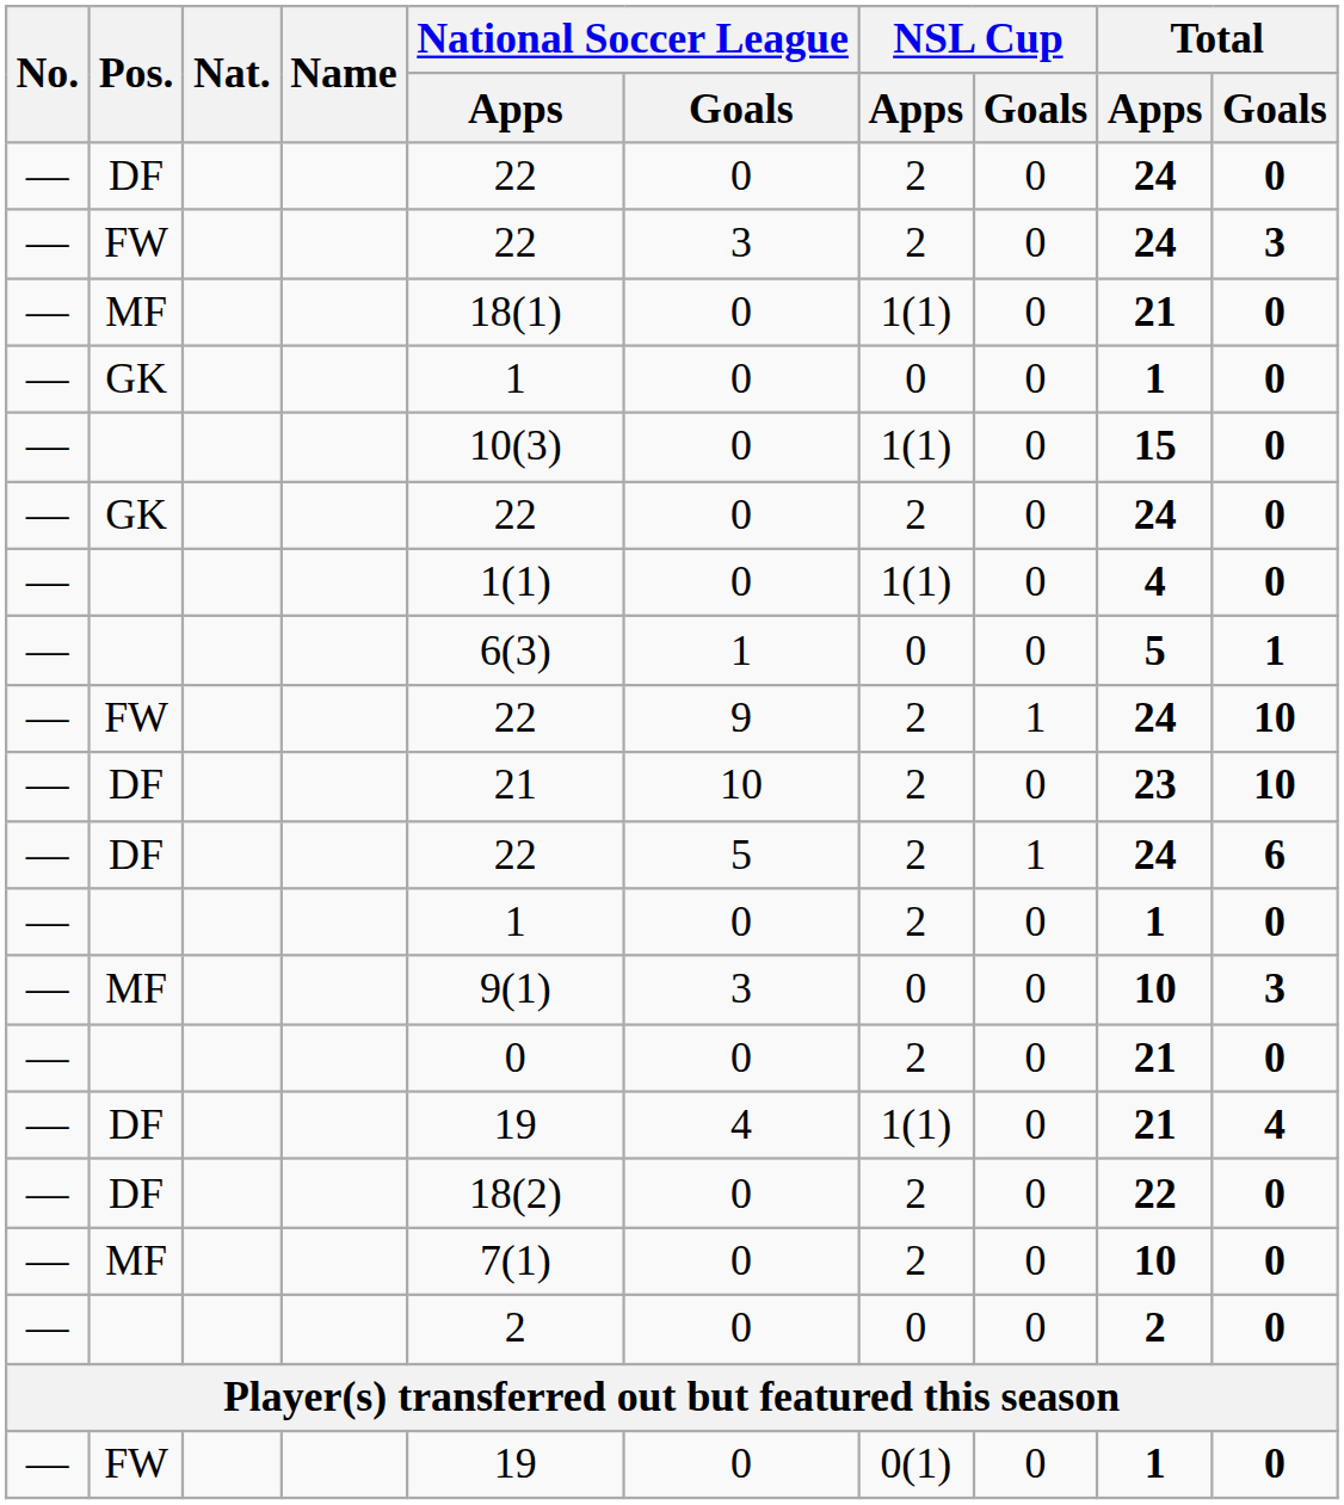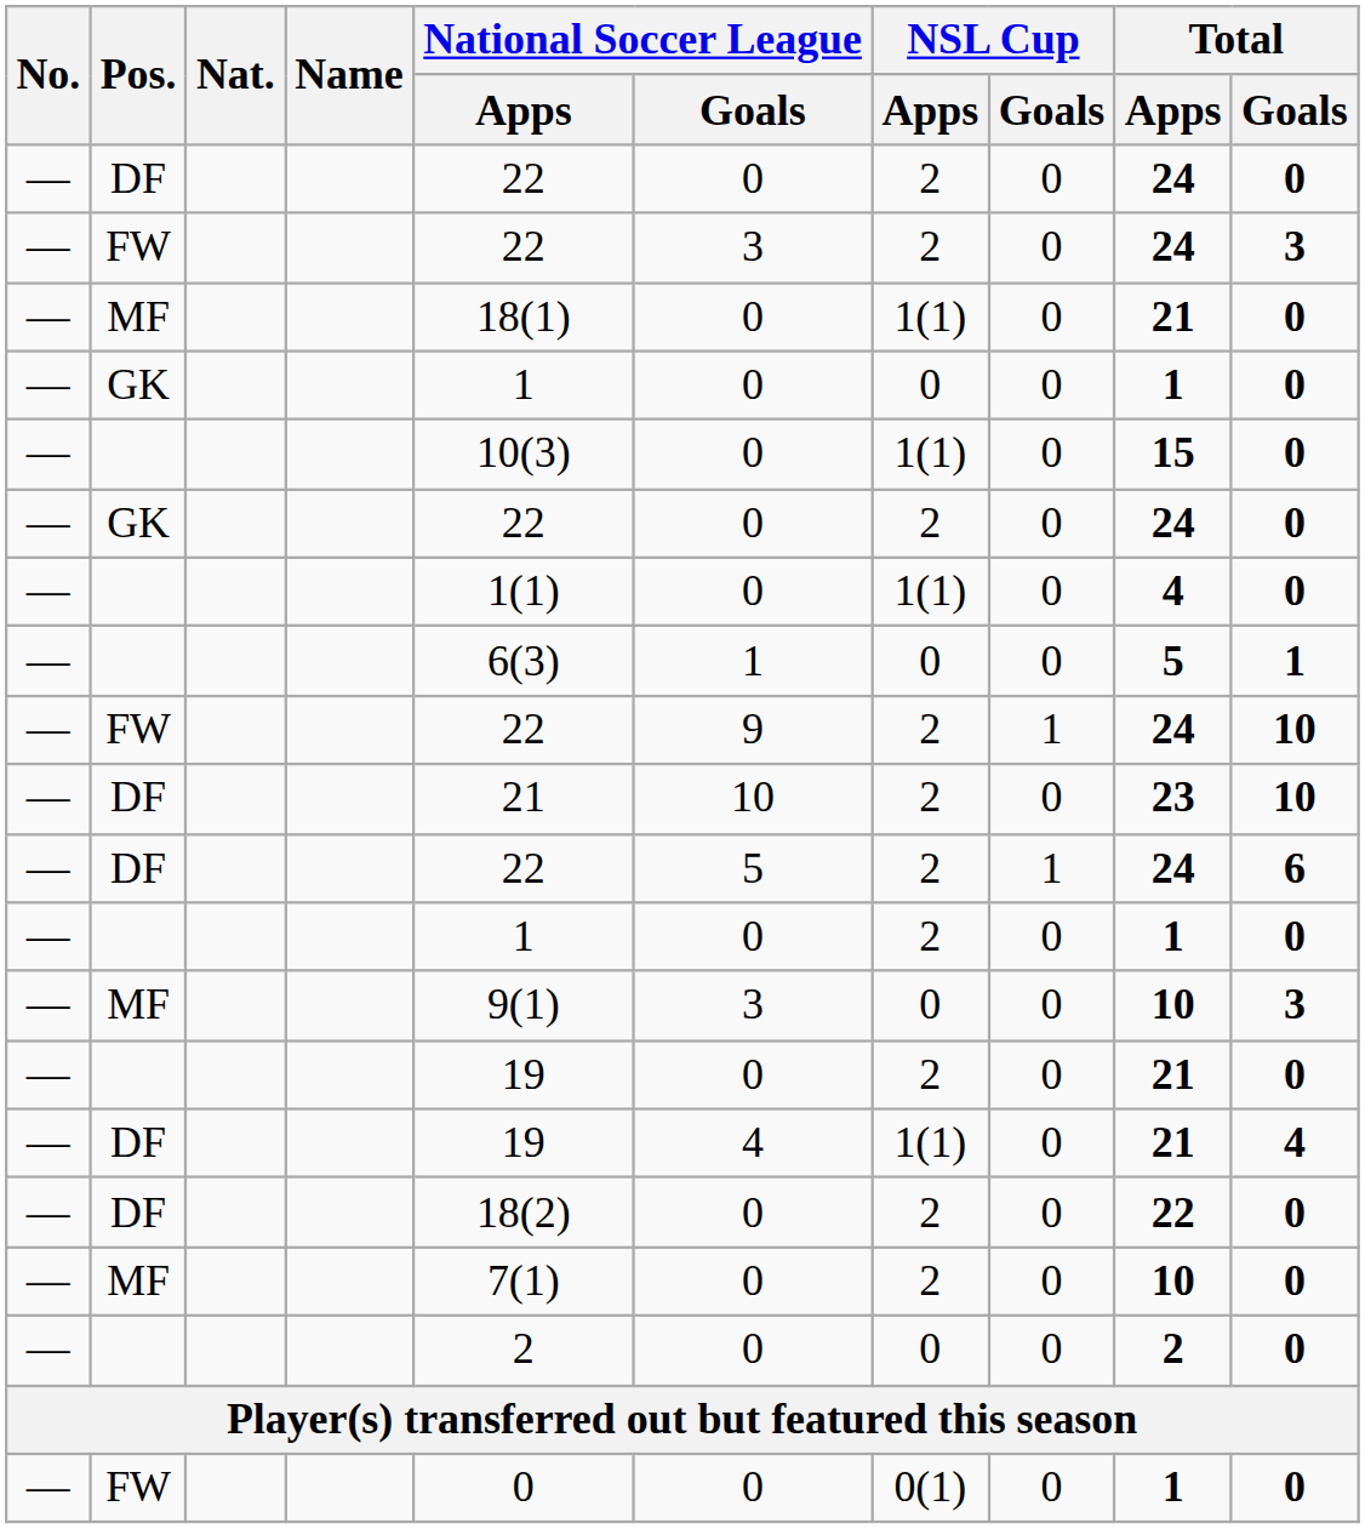 <table class="wikitable sortable" style="text-align:center">
 <tr>
 <th rowspan="2">No.</th>
 <th rowspan="2">Pos.</th>
 <th rowspan="2">Nat.</th>
 <th rowspan="2">Name</th>
 <th colspan="2"><a href='#'>National Soccer League</a></th>
 <th colspan="2"><a href='#'>NSL Cup</a></th>
 <th colspan="2">Total</th>
 </tr>
 <tr>
 <th>Apps</th>
 <th>Goals</th>
 <th>Apps</th>
 <th>Goals</th>
 <th>Apps</th>
 <th>Goals</th>
 </tr>
 <tr>
 <td>—</td>
 <td>DF</td>
 <td></td>
 <td align=left></td>
 <td>22</td>
 <td>0</td>
 <td>2</td>
 <td>0</td>
 <td><strong>24</strong></td>
 <td><strong>0</strong></td>
 </tr>
 <tr>
 <td>—</td>
 <td>FW</td>
 <td></td>
 <td align=left></td>
 <td>22</td>
 <td>3</td>
 <td>2</td>
 <td>0</td>
 <td><strong>24</strong></td>
 <td><strong>3</strong></td>
 </tr>
 <tr>
 <td>—</td>
 <td>MF</td>
 <td></td>
 <td align=left></td>
 <td>18(1)</td>
 <td>0</td>
 <td>1(1)</td>
 <td>0</td>
 <td><strong>21</strong></td>
 <td><strong>0</strong></td>
 </tr>
 <tr>
 <td>—</td>
 <td>GK</td>
 <td></td>
 <td align=left></td>
 <td>1</td>
 <td>0</td>
 <td>0</td>
 <td>0</td>
 <td><strong>1</strong></td>
 <td><strong>0</strong></td>
 </tr>
 <tr>
 <td>—</td>
 <td></td>
 <td></td>
 <td align=left></td>
 <td>10(3)</td>
 <td>0</td>
 <td>1(1)</td>
 <td>0</td>
 <td><strong>15</strong></td>
 <td><strong>0</strong></td>
 </tr>
 <tr>
 <td>—</td>
 <td>GK</td>
 <td></td>
 <td align=left></td>
 <td>22</td>
 <td>0</td>
 <td>2</td>
 <td>0</td>
 <td><strong>24</strong></td>
 <td><strong>0</strong></td>
 </tr>
 <tr>
 <td>—</td>
 <td></td>
 <td></td>
 <td align=left></td>
 <td>1(1)</td>
 <td>0</td>
 <td>1(1)</td>
 <td>0</td>
 <td><strong>4</strong></td>
 <td><strong>0</strong></td>
 </tr>
 <tr>
 <td>—</td>
 <td></td>
 <td></td>
 <td align=left></td>
 <td>6(3)</td>
 <td>1</td>
 <td>0</td>
 <td>0</td>
 <td><strong>5</strong></td>
 <td><strong>1</strong></td>
 </tr>
 <tr>
 <td>—</td>
 <td>FW</td>
 <td></td>
 <td align=left></td>
 <td>22</td>
 <td>9</td>
 <td>2</td>
 <td>1</td>
 <td><strong>24</strong></td>
 <td><strong>10</strong></td>
 </tr>
 <tr>
 <td>—</td>
 <td>DF</td>
 <td></td>
 <td align=left></td>
 <td>21</td>
 <td>10</td>
 <td>2</td>
 <td>0</td>
 <td><strong>23</strong></td>
 <td><strong>10</strong></td>
 </tr>
 <tr>
 <td>—</td>
 <td>DF</td>
 <td></td>
 <td align=left></td>
 <td>22</td>
 <td>5</td>
 <td>2</td>
 <td>1</td>
 <td><strong>24</strong></td>
 <td><strong>6</strong></td>
 </tr>
 <tr>
 <td>—</td>
 <td></td>
 <td></td>
 <td align=left></td>
 <td>1</td>
 <td>0</td>
 <td>2</td>
 <td>0</td>
 <td><strong>1</strong></td>
 <td><strong>0</strong></td>
 </tr>
 <tr>
 <td>—</td>
 <td>MF</td>
 <td></td>
 <td align=left></td>
 <td>9(1)</td>
 <td>3</td>
 <td>0</td>
 <td>0</td>
 <td><strong>10</strong></td>
 <td><strong>3</strong></td>
 </tr>
 <tr>
 <td>—</td>
 <td></td>
 <td></td>
 <td align=left></td>
-<td>0</td>
+<td>19</td>
 <td>0</td>
 <td>2</td>
 <td>0</td>
 <td><strong>21</strong></td>
 <td><strong>0</strong></td>
 </tr>
 <tr>
 <td>—</td>
 <td>DF</td>
 <td></td>
 <td align=left></td>
 <td>19</td>
 <td>4</td>
 <td>1(1)</td>
 <td>0</td>
 <td><strong>21</strong></td>
 <td><strong>4</strong></td>
 </tr>
 <tr>
 <td>—</td>
 <td>DF</td>
 <td></td>
 <td align=left></td>
 <td>18(2)</td>
 <td>0</td>
 <td>2</td>
 <td>0</td>
 <td><strong>22</strong></td>
 <td><strong>0</strong></td>
 </tr>
 <tr>
 <td>—</td>
 <td>MF</td>
 <td></td>
 <td align=left></td>
 <td>7(1)</td>
 <td>0</td>
 <td>2</td>
 <td>0</td>
 <td><strong>10</strong></td>
 <td><strong>0</strong></td>
 </tr>
 <tr>
 <td>—</td>
 <td></td>
 <td></td>
 <td align=left></td>
 <td>2</td>
 <td>0</td>
 <td>0</td>
 <td>0</td>
 <td><strong>2</strong></td>
 <td><strong>0</strong></td>
 </tr>
 <tr>
 <th colspan="10">Player(s) transferred out but featured this season</th>
 </tr>
 <tr>
 <td>—</td>
 <td>FW</td>
 <td></td>
 <td align=left></td>
-<td>19</td>
+<td>0</td>
 <td>0</td>
 <td>0(1)</td>
 <td>0</td>
 <td><strong>1</strong></td>
 <td><strong>0</strong></td>
 </tr>
 </table>
